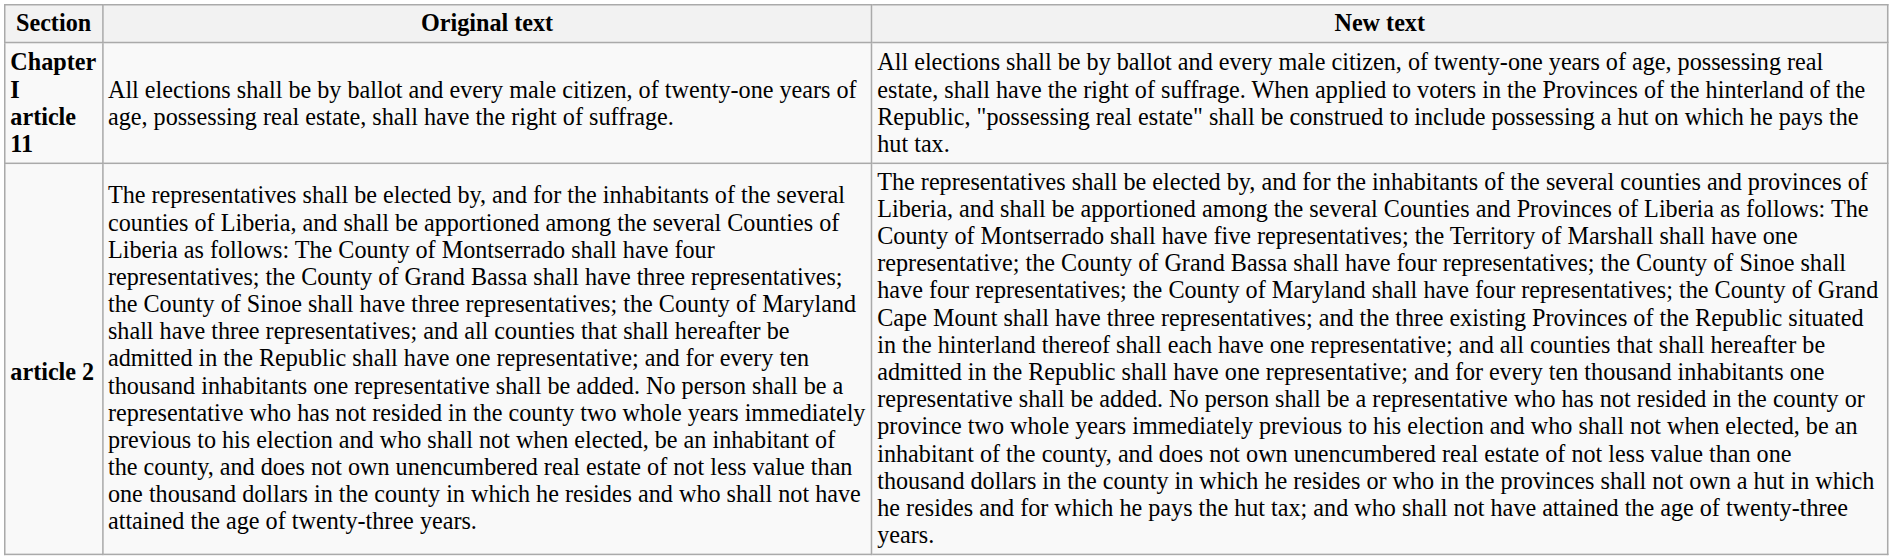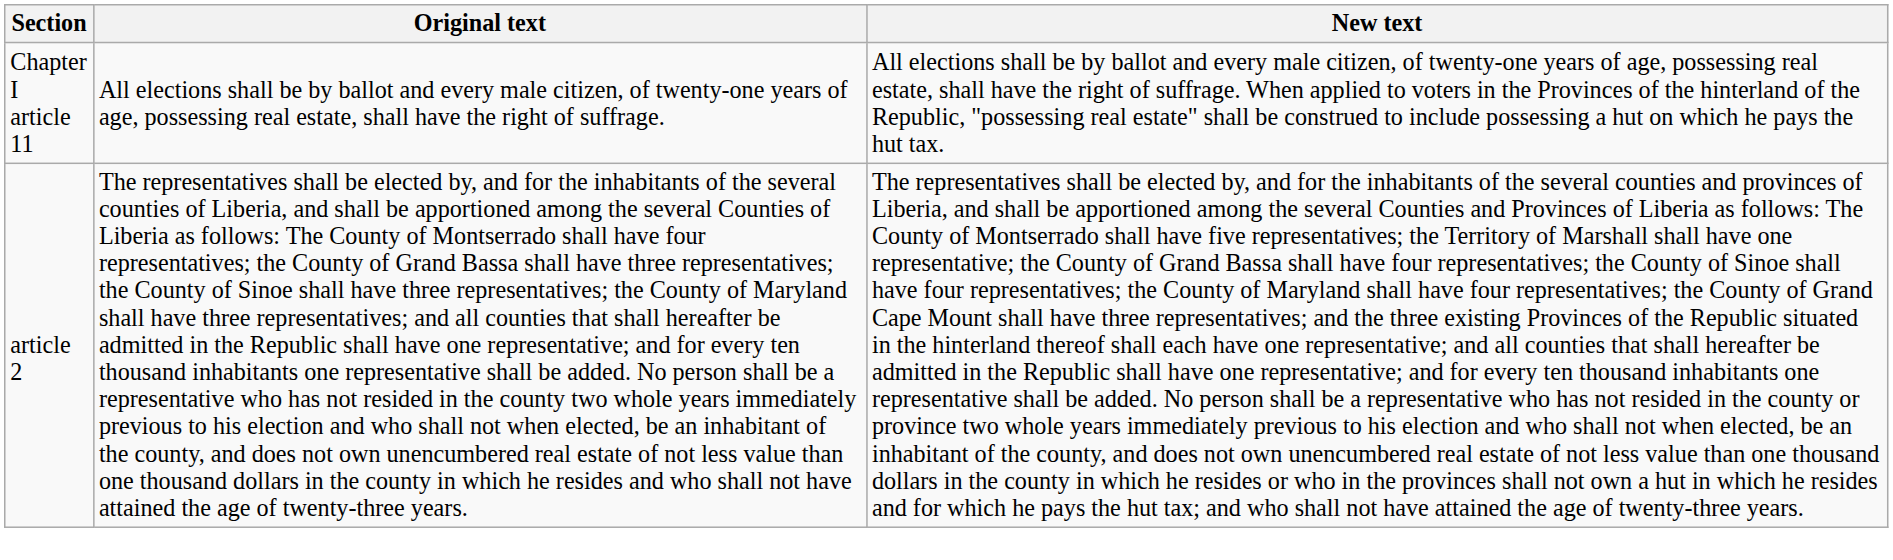 <table class=wikitable>
 <tr>
 <th>Section</th>
 <th>Original text</th>
 <th>New text</th>
 </tr>
 <tr>
-<td><strong>Chapter I<br>article 11</strong></td>
+<td>Chapter I<br>article 11</td>
 <td>All elections shall be by ballot and every male citizen, of twenty-one years of age, possessing real estate, shall have the right of suffrage.</td>
 <td>All elections shall be by ballot and every male citizen, of twenty-one years of age, possessing real estate, shall have the right of suffrage. When applied to voters in the Provinces of the hinterland of the Republic, "possessing real estate" shall be construed to include possessing a hut on which he pays the hut tax.</td>
 </tr>
 <tr>
-<td align=left><strong><br>article 2</strong></td>
+<td align=left><br>article 2</td>
 <td>The representatives shall be elected by, and for the inhabitants of the several counties of Liberia, and shall be apportioned among the several Counties of Liberia as follows: The County of Montserrado shall have four representatives; the County of Grand Bassa shall have three  representatives; the County of Sinoe shall have three representatives; the County of Maryland shall have three representatives; and all counties that shall hereafter be admitted in the Republic shall have one representative; and for every ten thousand inhabitants one representative shall be added. No person shall be a representative who has not resided in the county two whole years immediately previous to his election and who shall not when elected, be an inhabitant of the county, and does not own unencumbered real estate of not less value than one thousand dollars in the county in which he resides and who shall not have attained the age of twenty-three years.</td>
 <td>The representatives shall be elected by, and for the inhabitants of the several counties and provinces of Liberia, and shall be apportioned among the several Counties and Provinces of Liberia as follows: The County of Montserrado shall have five representatives; the Territory of Marshall shall have one representative; the County of Grand Bassa shall have four representatives; the County of Sinoe shall have four representatives; the County of Maryland shall have four representatives; the County of Grand Cape Mount shall have three representatives; and the three existing Provinces of the Republic situated in the hinterland thereof shall each have one representative; and all counties that shall hereafter be admitted in the Republic shall have one representative; and for every ten thousand inhabitants one representative shall be added. No person shall be a representative who has not resided in the county or province two whole years immediately previous to his election and who shall not when elected, be an inhabitant of the county, and does not own unencumbered real estate of not less value than one thousand dollars in the county in which he resides or who in the provinces shall not own a hut in which he resides and for which he pays the hut tax; and who shall not have attained the age of twenty-three years.</td>
 </tr>
 </table>
